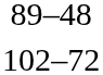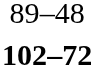 <table style="text-align:center">
 <tr>
 <th width=200></th>
 <th width=100></th>
 <th width=200></th>
 <th></th>
 </tr>
 <tr>
 <td align=right><strong></strong></td>
 <td>89–48</td>
 <td align=left></td>
 </tr>
 <tr>
 <td align=right><strong></strong></td>
-<td>102–72</td>
+<td><strong>102–72</strong></td>
 <td align=left></td>
 </tr>
 </table>
